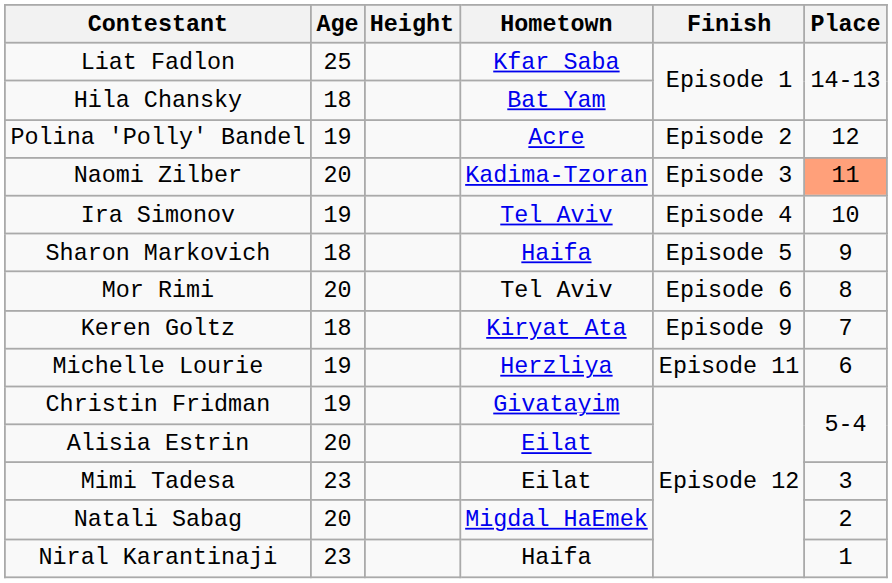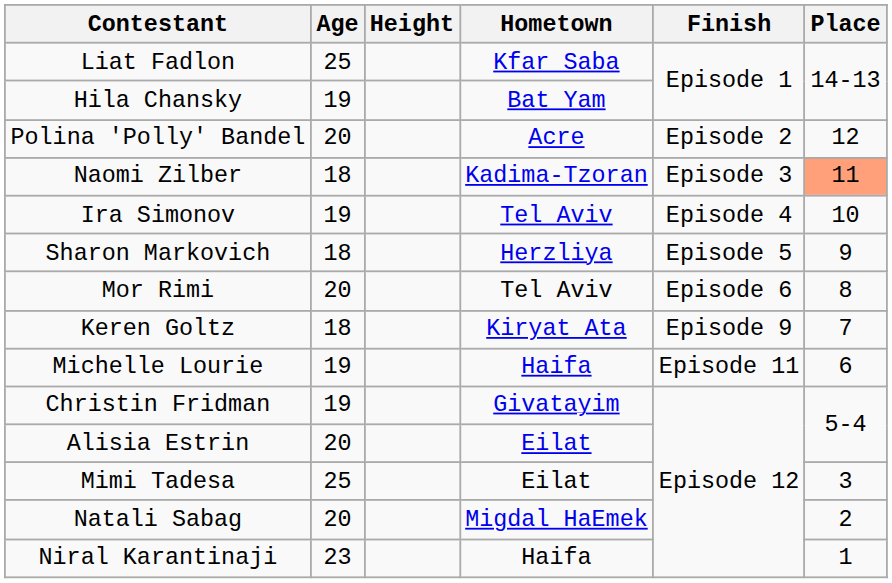 <table class="wikitable sortable" style="text-align:center;">
 <tr>
 <th>Contestant</th>
 <th>Age</th>
 <th>Height</th>
 <th>Hometown</th>
 <th>Finish</th>
 <th>Place</th>
 </tr>
 <tr>
 <td>Liat Fadlon</td>
 <td>25</td>
 <td></td>
 <td><a href='#'>Kfar Saba</a></td>
 <td rowspan=2>Episode 1</td>
 <td rowspan=2>14-13</td>
 </tr>
 <tr>
 <td>Hila Chansky</td>
-<td>18</td>
+<td>19</td>
 <td></td>
 <td><a href='#'>Bat Yam</a></td>
 </tr>
 <tr>
 <td>Polina 'Polly' Bandel</td>
-<td>19</td>
+<td>20</td>
 <td></td>
 <td><a href='#'>Acre</a></td>
 <td>Episode 2</td>
 <td>12</td>
 </tr>
 <tr>
 <td>Naomi Zilber</td>
-<td>20</td>
+<td>18</td>
 <td></td>
 <td><a href='#'>Kadima-Tzoran</a></td>
 <td>Episode 3</td>
 <td style="background: lightsalmon;">11</td>
 </tr>
 <tr>
 <td>Ira Simonov</td>
 <td>19</td>
 <td></td>
 <td><a href='#'>Tel Aviv</a></td>
 <td>Episode 4</td>
 <td>10</td>
 </tr>
 <tr>
 <td>Sharon Markovich</td>
 <td>18</td>
 <td></td>
-<td><a href='#'>Haifa</a></td>
+<td><a href='#'>Herzliya</a></td>
 <td>Episode 5</td>
 <td>9</td>
 </tr>
 <tr>
 <td>Mor Rimi</td>
 <td>20</td>
 <td></td>
 <td>Tel Aviv</td>
 <td>Episode 6</td>
 <td>8</td>
 </tr>
 <tr>
 <td>Keren Goltz</td>
 <td>18</td>
 <td></td>
 <td><a href='#'>Kiryat Ata</a></td>
 <td>Episode 9</td>
 <td>7</td>
 </tr>
 <tr>
 <td>Michelle Lourie</td>
 <td>19</td>
 <td></td>
-<td><a href='#'>Herzliya</a></td>
+<td><a href='#'>Haifa</a></td>
 <td>Episode 11</td>
 <td>6</td>
 </tr>
 <tr>
 <td>Christin Fridman</td>
 <td>19</td>
 <td></td>
 <td><a href='#'>Givatayim</a></td>
 <td rowspan=5>Episode 12</td>
 <td rowspan=2>5-4</td>
 </tr>
 <tr>
 <td>Alisia Estrin</td>
 <td>20</td>
 <td></td>
 <td><a href='#'>Eilat</a></td>
 </tr>
 <tr>
 <td>Mimi Tadesa</td>
-<td>23</td>
+<td>25</td>
 <td></td>
 <td>Eilat</td>
 <td>3</td>
 </tr>
 <tr>
 <td>Natali Sabag</td>
 <td>20</td>
 <td></td>
 <td><a href='#'>Migdal HaEmek</a></td>
 <td>2</td>
 </tr>
 <tr>
 <td>Niral Karantinaji</td>
 <td>23</td>
 <td></td>
 <td>Haifa</td>
 <td>1</td>
 </tr>
 </table>
